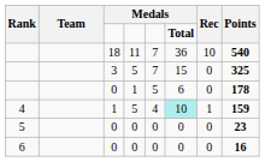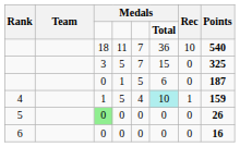 <table class="wikitable">
 <tr>
 <th rowspan=2>Rank</th>
 <th style="width:80px;" rowspan="2">Team</th>
 <th colspan=4>Medals</th>
 <th rowspan=2>Rec</th>
 <th rowspan=2>Points</th>
 </tr>
 <tr>
 <td style="width:20px; text-align:center;"></td>
 <td style="width:20px; text-align:center;"></td>
 <td style="width:20px; text-align:center;"></td>
 <td><strong>Total</strong></td>
 </tr>
 <tr>
 <td align=center></td>
 <td></td>
 <td align=center>18</td>
 <td align=center>11</td>
 <td align=center>7</td>
 <td align=center>36</td>
 <td align=center>10</td>
 <td align=center><strong>540</strong></td>
 </tr>
 <tr>
 <td align=center></td>
 <td></td>
 <td align=center>3</td>
 <td align=center>5</td>
 <td align=center>7</td>
 <td align=center>15</td>
 <td align=center>0</td>
 <td align=center><strong>325</strong></td>
 </tr>
 <tr>
 <td align=center></td>
 <td></td>
 <td align=center>0</td>
 <td align=center>1</td>
 <td align=center>5</td>
 <td align=center>6</td>
 <td align=center>0</td>
-<td align=center><strong>178</strong></td>
+<td align=center><strong>187</strong></td>
 </tr>
 <tr>
 <td align=center>4</td>
 <td></td>
 <td align=center>1</td>
 <td align=center>5</td>
 <td align=center>4</td>
 <td align=center style="background: paleturquoise;">10</td>
 <td align=center>1</td>
 <td align=center><strong>159</strong></td>
 </tr>
 <tr>
 <td align=center>5</td>
 <td></td>
+<td align=center style="background: lightgreen;">0</td>
 <td align=center>0</td>
 <td align=center>0</td>
 <td align=center>0</td>
 <td align=center>0</td>
-<td align=center>0</td>
-<td align=center><strong>23</strong></td>
+<td align=center><strong>26</strong></td>
 </tr>
 <tr>
 <td align=center>6</td>
 <td></td>
 <td align=center>0</td>
 <td align=center>0</td>
 <td align=center>0</td>
 <td align=center>0</td>
 <td align=center>0</td>
 <td align=center><strong>16</strong></td>
 </tr>
 </table>
